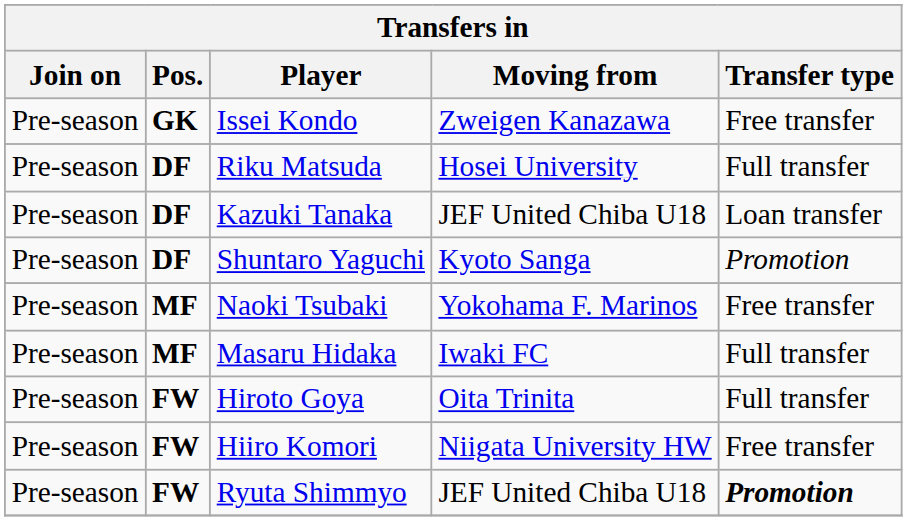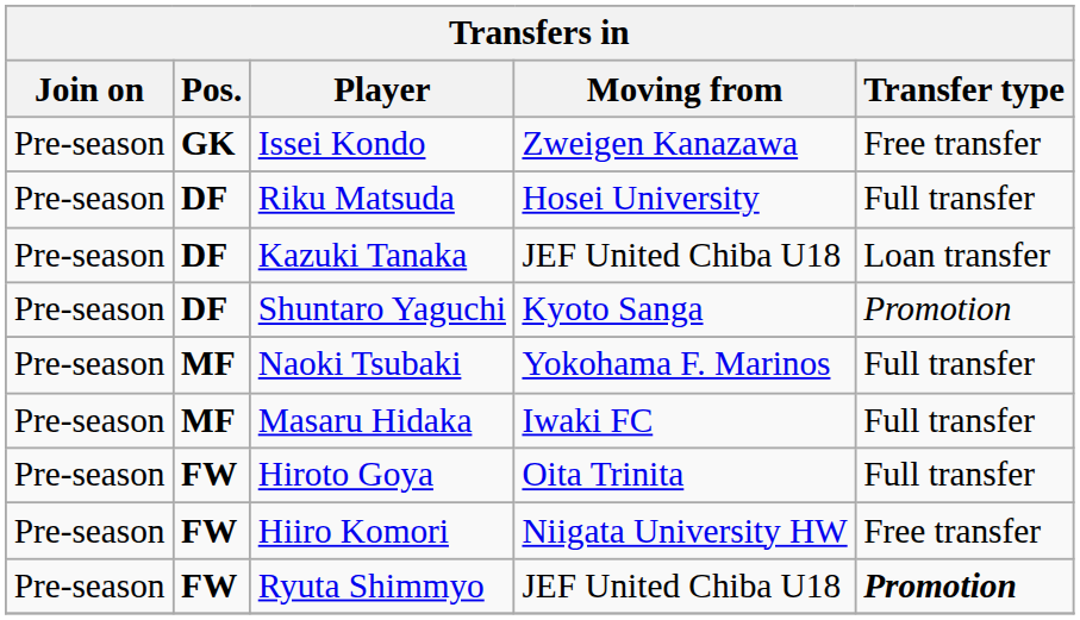 <table class="wikitable sortable" style=“text-align:left;>
 <tr>
 <th colspan="5">Transfers in</th>
 </tr>
 <tr>
 <th>Join on</th>
 <th>Pos.</th>
 <th>Player</th>
 <th>Moving from</th>
 <th>Transfer type</th>
 </tr>
 <tr>
 <td>Pre-season</td>
 <td><strong>GK</strong></td>
 <td> <a href='#'>Issei Kondo</a></td>
 <td> <a href='#'>Zweigen Kanazawa</a></td>
 <td>Free transfer</td>
 </tr>
 <tr>
 <td>Pre-season</td>
 <td><strong>DF</strong></td>
 <td> <a href='#'>Riku Matsuda</a></td>
 <td> <a href='#'>Hosei University</a></td>
 <td>Full transfer</td>
 </tr>
 <tr>
 <td>Pre-season</td>
 <td><strong>DF</strong></td>
 <td> <a href='#'>Kazuki Tanaka</a></td>
 <td>JEF United Chiba U18</td>
 <td>Loan transfer</td>
 </tr>
 <tr>
 <td>Pre-season</td>
 <td><strong>DF</strong></td>
 <td> <a href='#'>Shuntaro Yaguchi</a></td>
 <td> <a href='#'>Kyoto Sanga</a></td>
 <td><em>Promotion</em></td>
 </tr>
 <tr>
 <td>Pre-season</td>
 <td><strong>MF</strong></td>
 <td> <a href='#'>Naoki Tsubaki</a></td>
 <td> <a href='#'>Yokohama F. Marinos</a></td>
-<td>Free transfer</td>
+<td>Full transfer</td>
 </tr>
 <tr>
 <td>Pre-season</td>
 <td><strong>MF</strong></td>
 <td> <a href='#'>Masaru Hidaka</a></td>
 <td> <a href='#'>Iwaki FC</a></td>
 <td>Full transfer</td>
 </tr>
 <tr>
 <td>Pre-season</td>
 <td><strong>FW</strong></td>
 <td> <a href='#'>Hiroto Goya</a></td>
 <td> <a href='#'>Oita Trinita</a></td>
 <td>Full transfer</td>
 </tr>
 <tr>
 <td>Pre-season</td>
 <td><strong>FW</strong></td>
 <td> <a href='#'>Hiiro Komori</a></td>
 <td> <a href='#'>Niigata University HW</a></td>
 <td>Free transfer</td>
 </tr>
 <tr>
 <td>Pre-season</td>
 <td><strong>FW</strong></td>
 <td> <a href='#'>Ryuta Shimmyo</a></td>
 <td>JEF United Chiba U18</td>
 <td><strong><em>Promotion</em></strong></td>
 </tr>
 <tr>
 </tr>
 </table>
